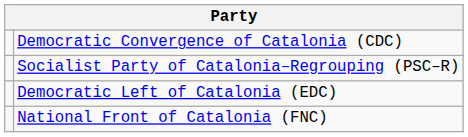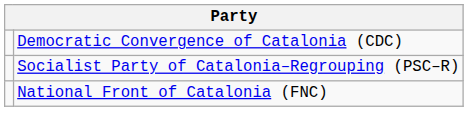 <table class="wikitable" style="text-align:left; font-size:95%;">
 <tr>
 <th colspan="2">Party</th>
 </tr>
 <tr>
 <td width="1"></td>
 <td><a href='#'>Democratic Convergence of Catalonia</a> (CDC)</td>
 </tr>
 <tr>
 <td></td>
 <td><a href='#'>Socialist Party of Catalonia–Regrouping</a> (PSC–R)</td>
 </tr>
 <tr>
 <td></td>
-<td><a href='#'>Democratic Left of Catalonia</a> (EDC)</td>
-</tr>
-<tr>
-<td></td>
 <td><a href='#'>National Front of Catalonia</a> (FNC)</td>
 </tr>
 </table>
